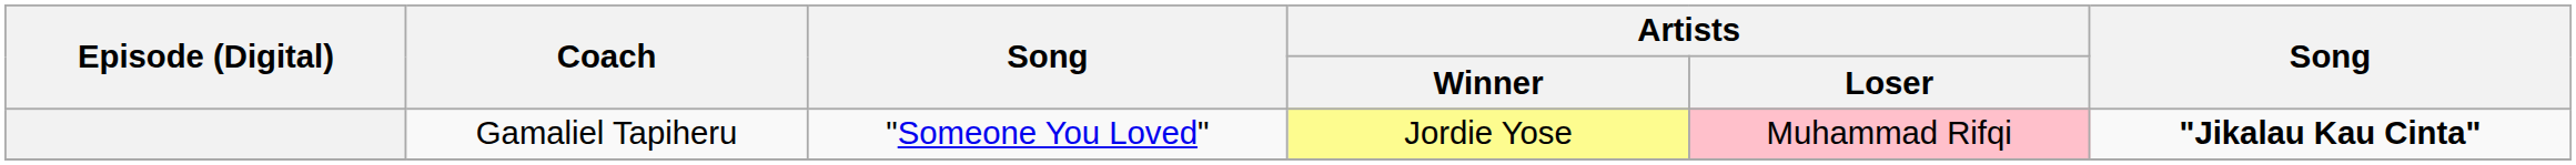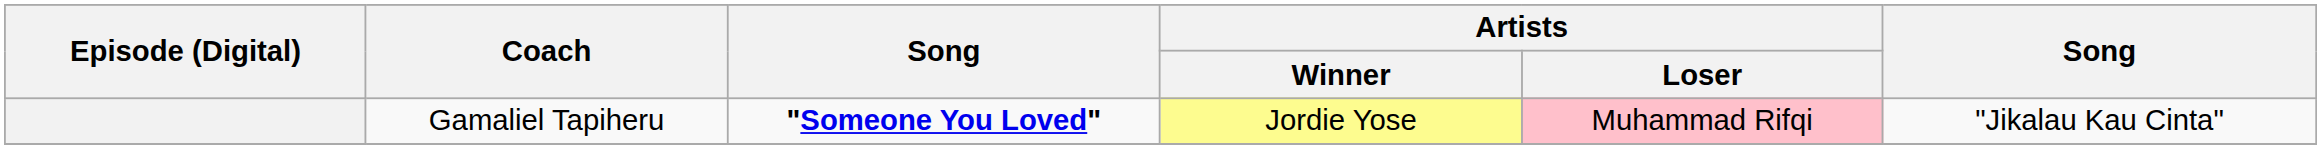 <table class="wikitable" style="text-align: center; width:100%;">
 <tr>
 <th rowspan="2" style="width:15%;">Episode (Digital)</th>
 <th rowspan="2" style="width:15%;">Coach</th>
 <th rowspan="2" style="width:18%;">Song</th>
 <th colspan="2" style="width:30%;">Artists</th>
 <th rowspan="2" style="width:18%;">Song</th>
 </tr>
 <tr>
 <th style="width:15%;">Winner</th>
 <th style="width:15%;">Loser</th>
 </tr>
 <tr>
 <th scope="col"><br><small></small></th>
 <td>Gamaliel Tapiheru</td>
-<td>"<a href='#'>Someone You Loved</a>"</td>
+<td><strong>"<a href='#'>Someone You Loved</a>"</strong></td>
 <td style="background:#fdfc8f;">Jordie Yose</td>
 <td style="background:pink;">Muhammad Rifqi</td>
-<td><strong>"Jikalau Kau Cinta"</strong></td>
+<td>"Jikalau Kau Cinta"</td>
 </tr>
 <tr>
 </tr>
 </table>
